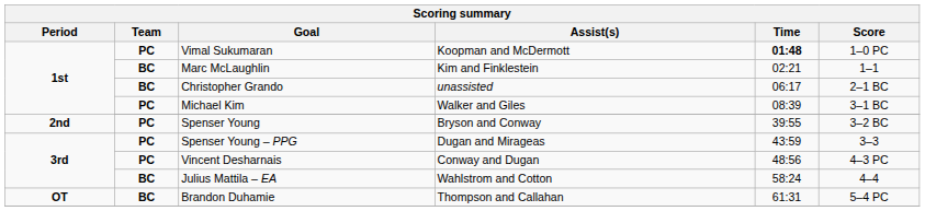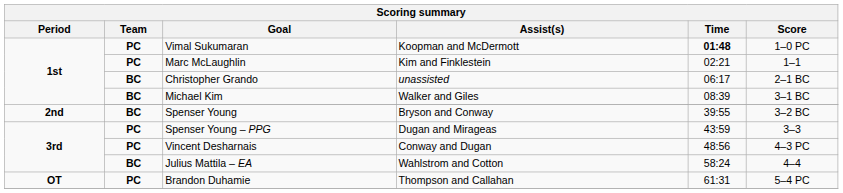 <table style="width:100%;" class="wikitable">
 <tr>
 <th colspan=6>Scoring summary</th>
 </tr>
 <tr>
 <th style="width:12%;">Period</th>
 <th style="width:7%;">Team</th>
 <th style="width:28%;">Goal</th>
 <th style="width:35%;">Assist(s)</th>
 <th style="width:7%;">Time</th>
 <th style="width:11%;">Score</th>
 </tr>
 <tr>
 <td style="text-align:center;" rowspan="4"><strong>1st</strong></td>
 <td align=center><strong>PC</strong></td>
 <td>Vimal Sukumaran</td>
 <td>Koopman and McDermott</td>
 <td align=center><strong>01:48</strong></td>
 <td align=center>1–0 PC</td>
 </tr>
 <tr>
-<td align=center><strong>BC</strong></td>
+<td align=center><strong>PC</strong></td>
 <td>Marc McLaughlin</td>
 <td>Kim and Finklestein</td>
 <td align=center>02:21</td>
 <td align=center>1–1</td>
 </tr>
 <tr>
 <td align=center><strong>BC</strong></td>
 <td>Christopher Grando</td>
 <td><em>unassisted</em></td>
 <td align=center>06:17</td>
 <td align=center>2–1 BC</td>
 </tr>
 <tr>
-<td align=center><strong>PC</strong></td>
+<td align=center><strong>BC</strong></td>
 <td>Michael Kim</td>
 <td>Walker and Giles</td>
 <td align=center>08:39</td>
 <td align=center>3–1 BC</td>
 </tr>
 <tr>
 <td style="text-align:center;" rowspan="2"><strong>2nd</strong></td>
 </tr>
 <tr>
-<td align=center><strong>PC</strong></td>
+<td align=center><strong>BC</strong></td>
 <td>Spenser Young</td>
 <td>Bryson and Conway</td>
 <td align=center>39:55</td>
 <td align=center>3–2 BC</td>
 </tr>
 <tr>
 <td style="text-align:center;" rowspan="3"><strong>3rd</strong></td>
 <td align=center><strong>PC</strong></td>
 <td>Spenser Young – <em>PPG</em></td>
 <td>Dugan and Mirageas</td>
 <td align=center>43:59</td>
 <td align=center>3–3</td>
 </tr>
 <tr>
 <td align=center><strong>PC</strong></td>
 <td>Vincent Desharnais</td>
 <td>Conway and Dugan</td>
 <td align=center>48:56</td>
 <td align=center>4–3 PC</td>
 </tr>
 <tr>
 <td align=center><strong>BC</strong></td>
 <td>Julius Mattila – <em>EA</em></td>
 <td>Wahlstrom and Cotton</td>
 <td align=center>58:24</td>
 <td align=center>4–4</td>
 </tr>
 <tr>
 <td style="text-align:center;" rowspan="1"><strong>OT</strong></td>
-<td align=center><strong>BC</strong></td>
+<td align=center><strong>PC</strong></td>
 <td>Brandon Duhamie</td>
 <td>Thompson and Callahan</td>
 <td align=center>61:31</td>
 <td align=center>5–4 PC</td>
 </tr>
 <tr>
 </tr>
 </table>
